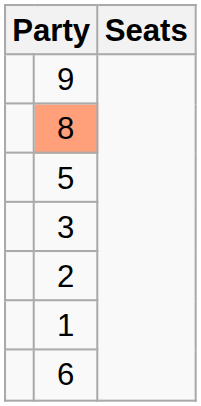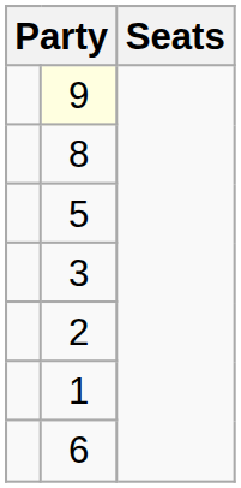 <table class="wikitable" style="font-size: 95%;">
 <tr>
 <th colspan=2>Party</th>
 <th>Seats</th>
 </tr>
 <tr>
 <td></td>
-<td align="center">9</td>
+<td align="center" style="background: lightyellow;">9</td>
 </tr>
 <tr>
 <td></td>
-<td align="center" style="background: lightsalmon;">8</td>
+<td align="center">8</td>
 </tr>
 <tr>
 <td></td>
 <td align="center">5</td>
 </tr>
 <tr>
 <td></td>
 <td align="center">3</td>
 </tr>
 <tr>
 <td></td>
 <td align="center">2</td>
 </tr>
 <tr>
 <td></td>
 <td align="center">1</td>
 </tr>
 <tr>
 <td></td>
 <td align="center">6</td>
 </tr>
 </table>
